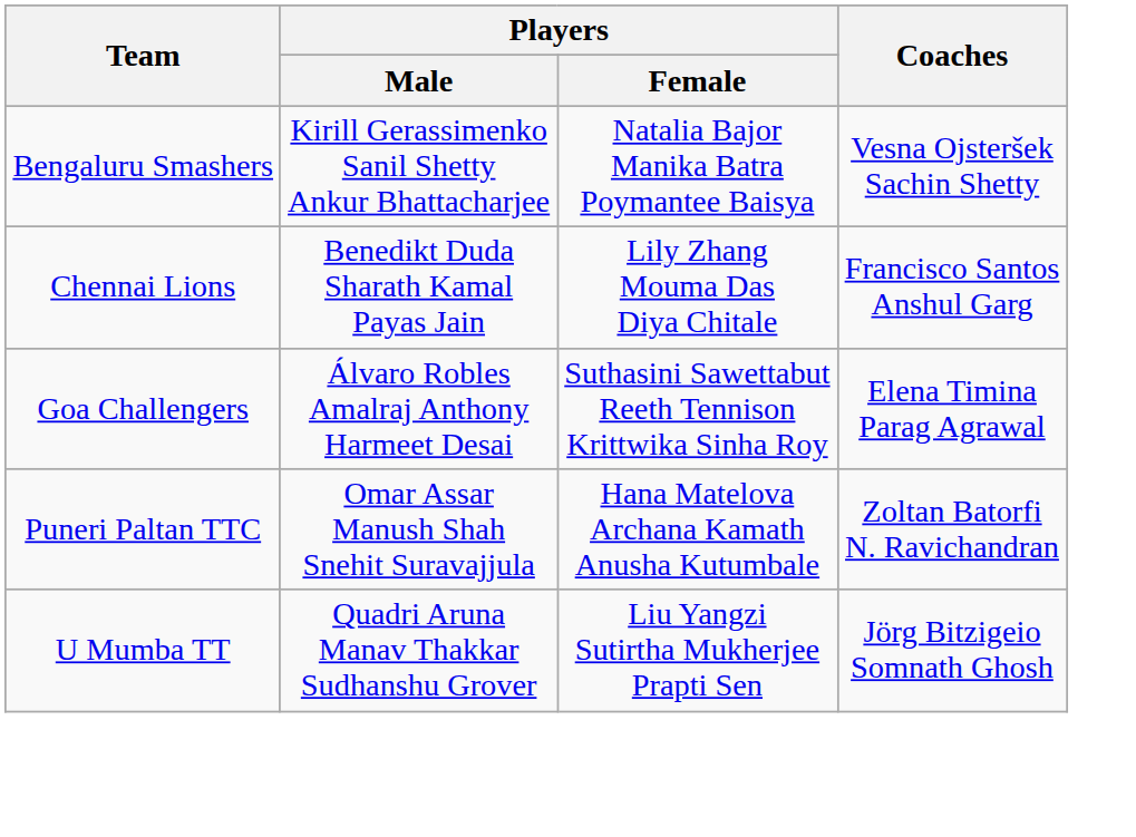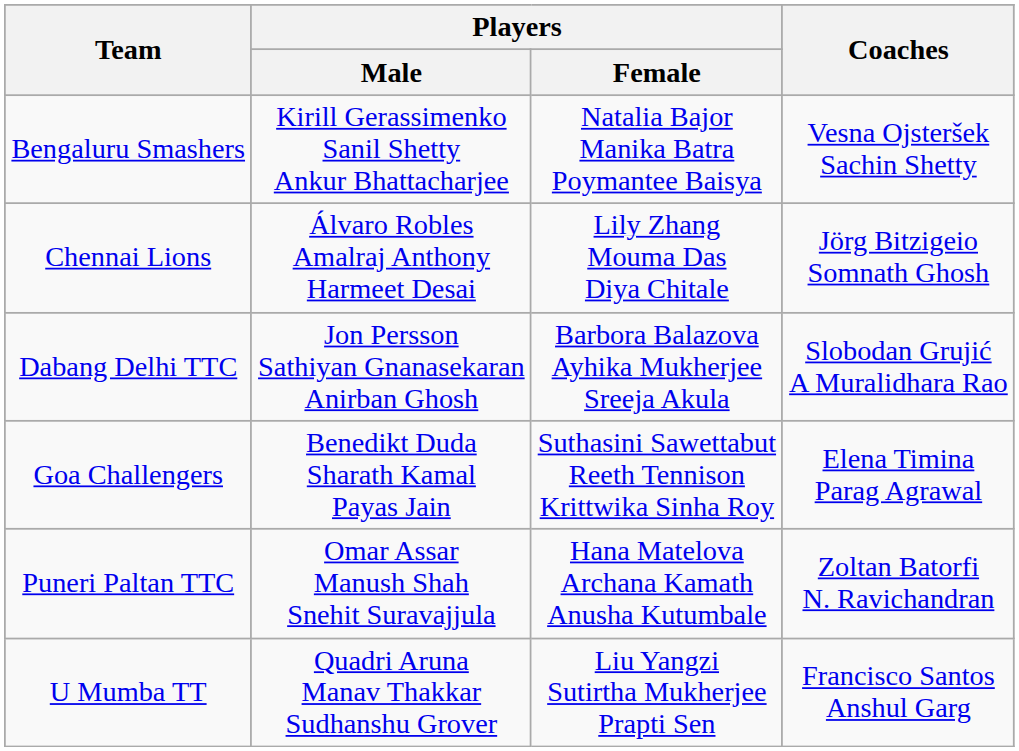 <table class="wikitable sortable" style="text-align:center;">
 <tr>
 <th rowspan=2>Team</th>
 <th colspan=2>Players</th>
 <th rowspan=2>Coaches</th>
 </tr>
 <tr>
 <th>Male</th>
 <th>Female</th>
 </tr>
 <tr>
 <td><a href='#'>Bengaluru Smashers</a></td>
 <td> <a href='#'>Kirill Gerassimenko</a> <br> <a href='#'>Sanil Shetty</a> <br> <a href='#'>Ankur Bhattacharjee</a></td>
 <td> <a href='#'>Natalia Bajor</a> <br> <a href='#'>Manika Batra</a> <br> <a href='#'>Poymantee Baisya</a></td>
 <td> <a href='#'>Vesna Ojsteršek</a> <br>  <a href='#'>Sachin Shetty</a></td>
 </tr>
 <tr>
 <td><a href='#'>Chennai Lions</a></td>
-<td> <a href='#'>Benedikt Duda</a> <br> <a href='#'>Sharath Kamal</a> <br> <a href='#'>Payas Jain</a></td>
+<td> <a href='#'>Álvaro Robles</a> <br> <a href='#'>Amalraj Anthony</a> <br>  <a href='#'>Harmeet Desai</a></td>
 <td> <a href='#'>Lily Zhang</a> <br> <a href='#'>Mouma Das</a> <br> <a href='#'>Diya Chitale</a></td>
-<td> <a href='#'>Francisco Santos</a> <br> <a href='#'>Anshul Garg</a></td>
+<td> <a href='#'>Jörg Bitzigeio</a> <br>  <a href='#'>Somnath Ghosh</a></td>
+</tr>
+<tr>
+<td><a href='#'>Dabang Delhi TTC</a></td>
+<td> <a href='#'>Jon Persson</a> <br>  <a href='#'>Sathiyan Gnanasekaran</a> <br> <a href='#'>Anirban Ghosh</a></td>
+<td> <a href='#'>Barbora Balazova</a> <br>  <a href='#'>Ayhika Mukherjee</a> <br>  <a href='#'>Sreeja Akula</a></td>
+<td> <a href='#'>Slobodan Grujić</a> <br> <a href='#'>A Muralidhara Rao</a></td>
 </tr>
 <tr>
 <td><a href='#'>Goa Challengers</a></td>
-<td> <a href='#'>Álvaro Robles</a> <br> <a href='#'>Amalraj Anthony</a> <br>  <a href='#'>Harmeet Desai</a></td>
+<td> <a href='#'>Benedikt Duda</a> <br> <a href='#'>Sharath Kamal</a> <br> <a href='#'>Payas Jain</a></td>
 <td> <a href='#'>Suthasini Sawettabut</a> <br> <a href='#'>Reeth Tennison</a> <br>  <a href='#'>Krittwika Sinha Roy</a></td>
 <td> <a href='#'>Elena Timina</a> <br> <a href='#'>Parag Agrawal</a></td>
 </tr>
 <tr>
 <td><a href='#'>Puneri Paltan TTC</a></td>
 <td> <a href='#'>Omar Assar</a> <br> <a href='#'>Manush Shah</a> <br> <a href='#'>Snehit Suravajjula</a></td>
 <td> <a href='#'>Hana Matelova</a> <br> <a href='#'>Archana Kamath</a> <br> <a href='#'>Anusha Kutumbale</a></td>
 <td> <a href='#'>Zoltan Batorfi</a> <br>  <a href='#'>N. Ravichandran</a></td>
 </tr>
 <tr>
 <td><a href='#'>U Mumba TT</a></td>
 <td> <a href='#'>Quadri Aruna</a> <br> <a href='#'>Manav Thakkar</a> <br> <a href='#'>Sudhanshu Grover</a></td>
 <td> <a href='#'>Liu Yangzi</a> <br> <a href='#'>Sutirtha Mukherjee</a> <br>  <a href='#'>Prapti Sen</a></td>
-<td> <a href='#'>Jörg Bitzigeio</a> <br>  <a href='#'>Somnath Ghosh</a></td>
+<td> <a href='#'>Francisco Santos</a> <br> <a href='#'>Anshul Garg</a></td>
 </tr>
 </table>
